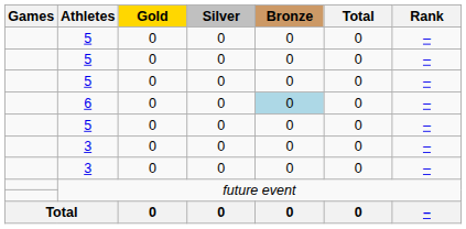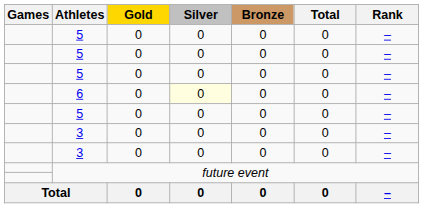 <table class="wikitable" style="text-align:center; font-size:90%;">
 <tr>
 <th>Games</th>
 <th>Athletes</th>
 <td style="background:gold; width:4.5em; font-weight:bold;">Gold</td>
 <td style="background:silver; width:4.5em; font-weight:bold;">Silver</td>
 <td style="background:#cc9966; width:4.5em; font-weight:bold;">Bronze</td>
 <th style="width:4.5em; font-weight:bold;">Total</th>
 <th style="width:4.5em; font-weight:bold;">Rank</th>
 </tr>
 <tr>
 <td align=left></td>
 <td><a href='#'>5</a></td>
 <td>0</td>
 <td>0</td>
 <td>0</td>
 <td>0</td>
 <td><a href='#'>–</a></td>
 </tr>
 <tr>
 <td align=left></td>
 <td><a href='#'>5</a></td>
 <td>0</td>
 <td>0</td>
 <td>0</td>
 <td>0</td>
 <td><a href='#'>–</a></td>
 </tr>
 <tr>
 <td align=left></td>
 <td><a href='#'>5</a></td>
 <td>0</td>
 <td>0</td>
 <td>0</td>
 <td>0</td>
 <td><a href='#'>–</a></td>
 </tr>
 <tr>
 <td align=left></td>
 <td><a href='#'>6</a></td>
 <td>0</td>
+<td style="background: lightyellow;">0</td>
 <td>0</td>
-<td style="background: lightblue;">0</td>
 <td>0</td>
 <td><a href='#'>–</a></td>
 </tr>
 <tr>
 <td align=left></td>
 <td><a href='#'>5</a></td>
 <td>0</td>
 <td>0</td>
 <td>0</td>
 <td>0</td>
 <td><a href='#'>–</a></td>
 </tr>
 <tr>
 <td align=left></td>
 <td><a href='#'>3</a></td>
 <td>0</td>
 <td>0</td>
 <td>0</td>
 <td>0</td>
 <td><a href='#'>–</a></td>
 </tr>
 <tr>
 <td align=left></td>
 <td><a href='#'>3</a></td>
 <td>0</td>
 <td>0</td>
 <td>0</td>
 <td>0</td>
 <td><a href='#'>–</a></td>
 </tr>
 <tr>
 <td align=left></td>
 <td colspan=6; rowspan=2><em>future event</em></td>
 </tr>
 <tr>
 <td align=left></td>
 </tr>
 <tr>
 <th colspan=2>Total</th>
 <th>0</th>
 <th>0</th>
 <th>0</th>
 <th>0</th>
 <th><a href='#'>–</a></th>
 </tr>
 </table>
